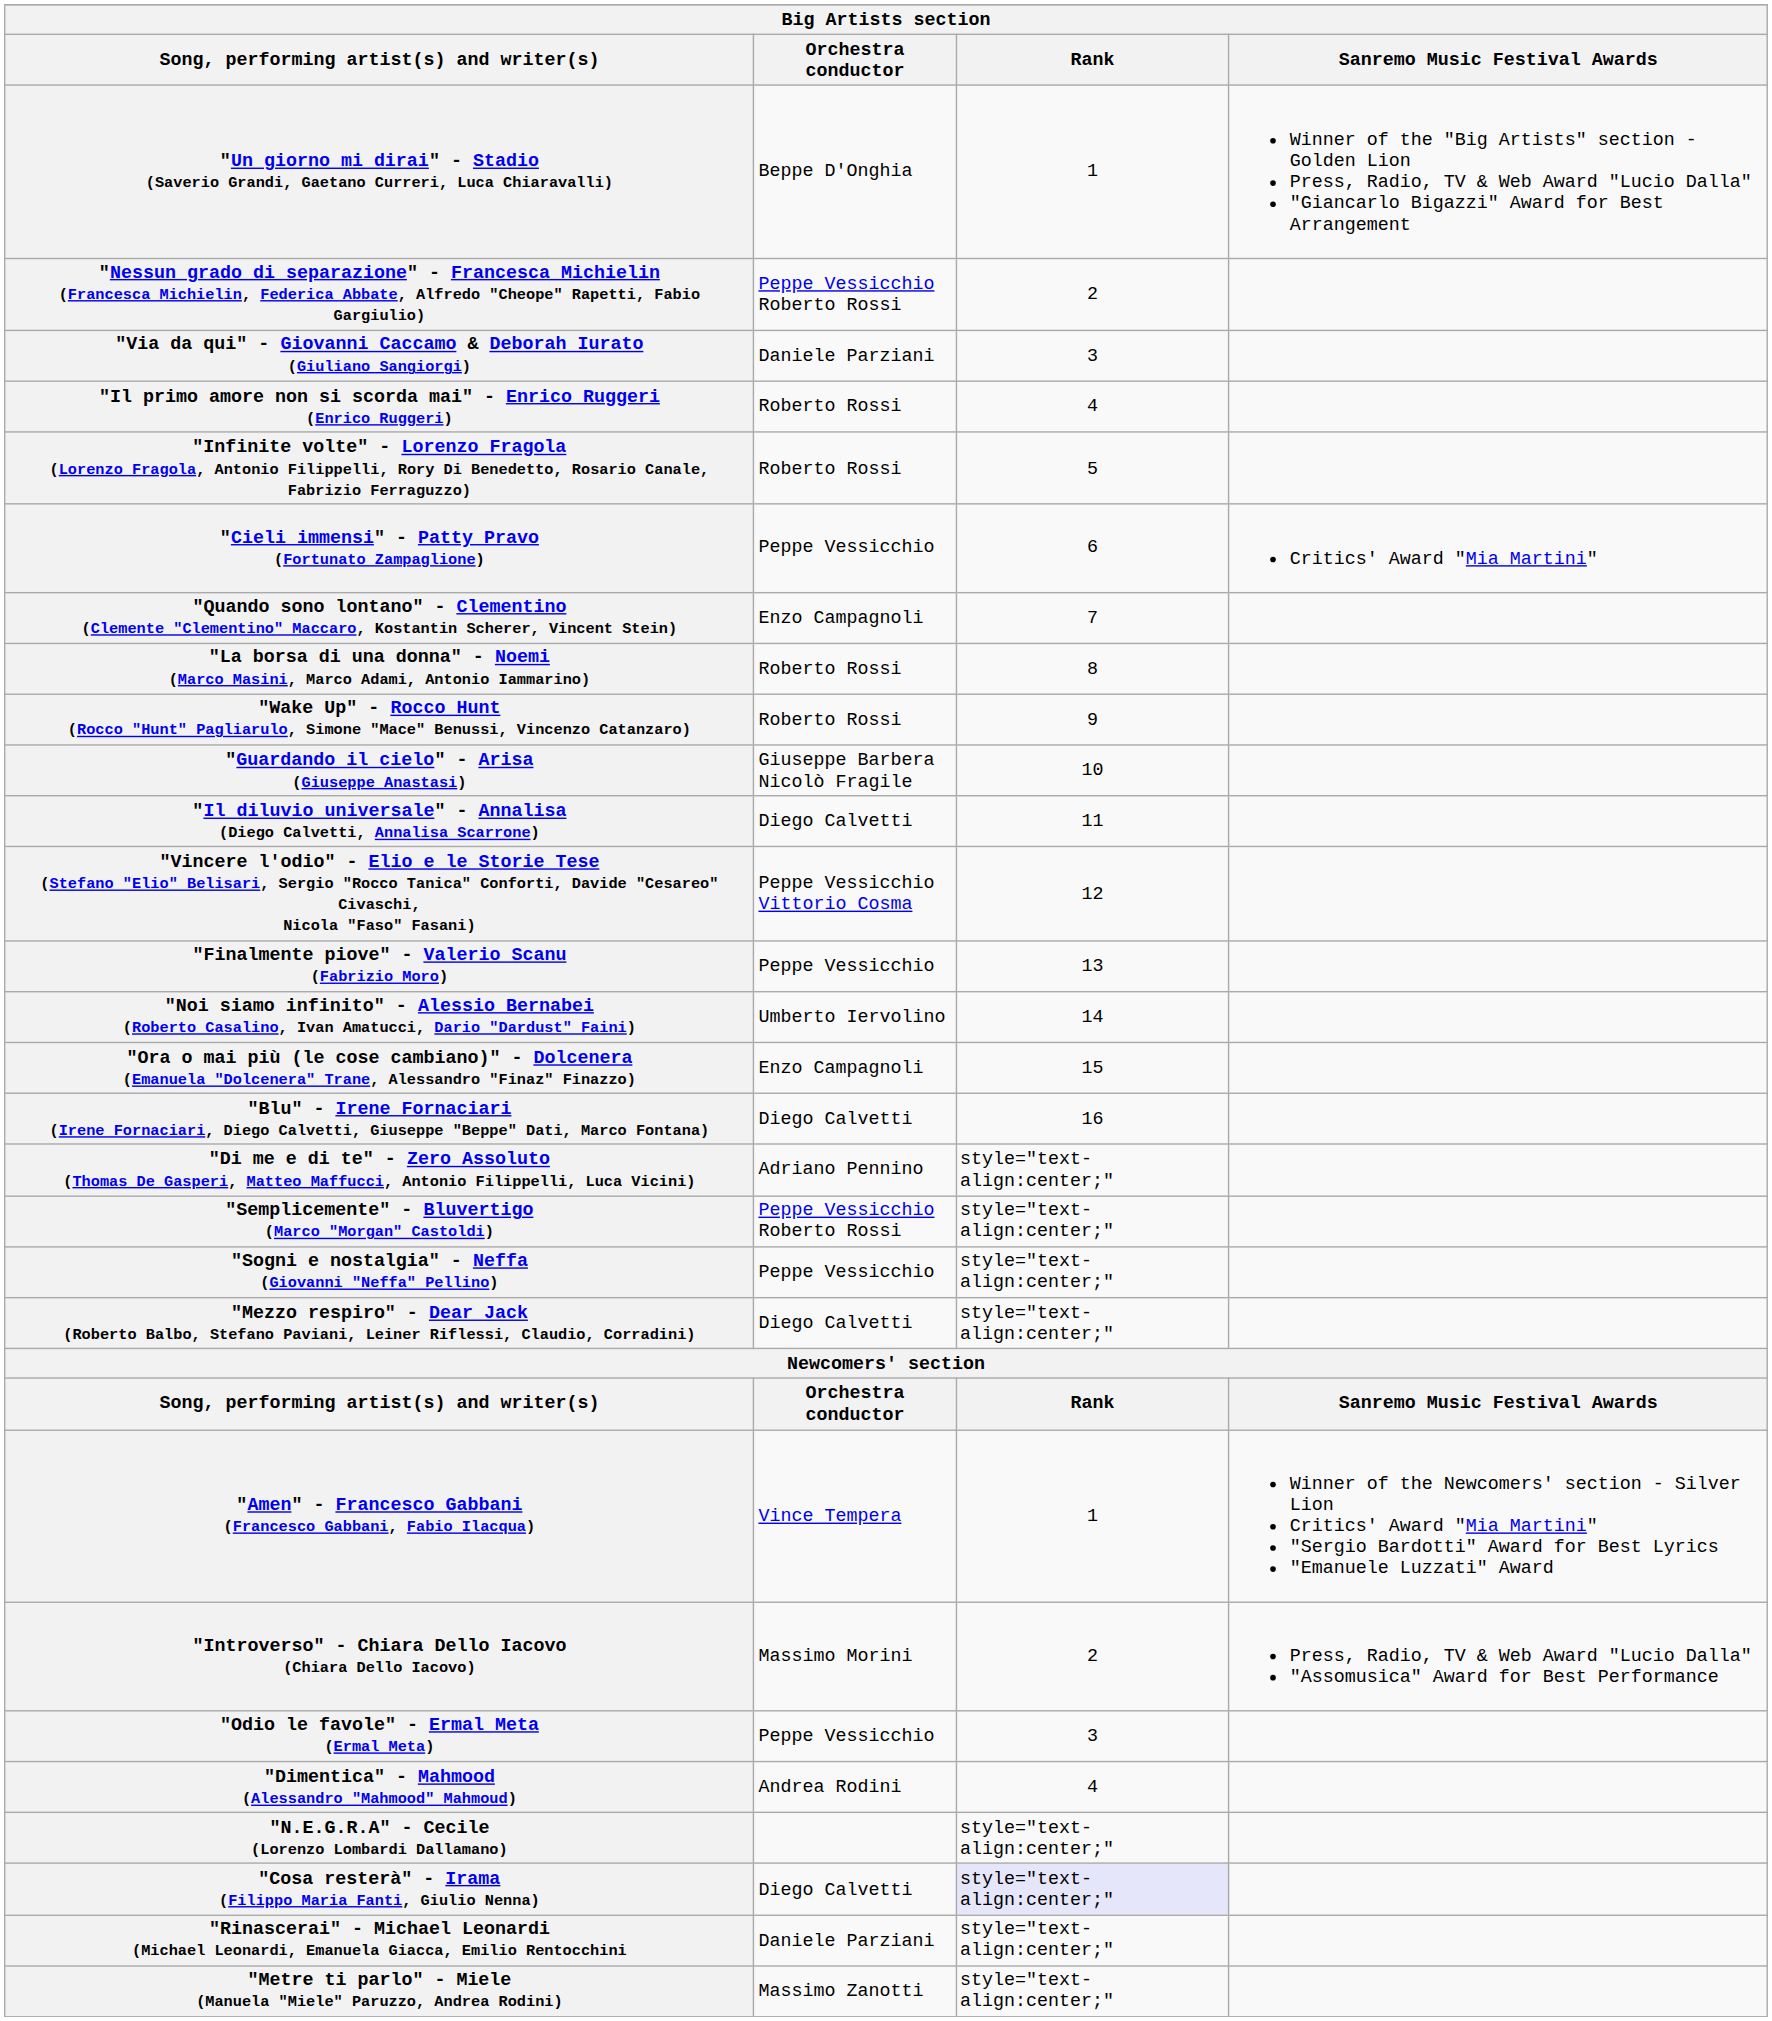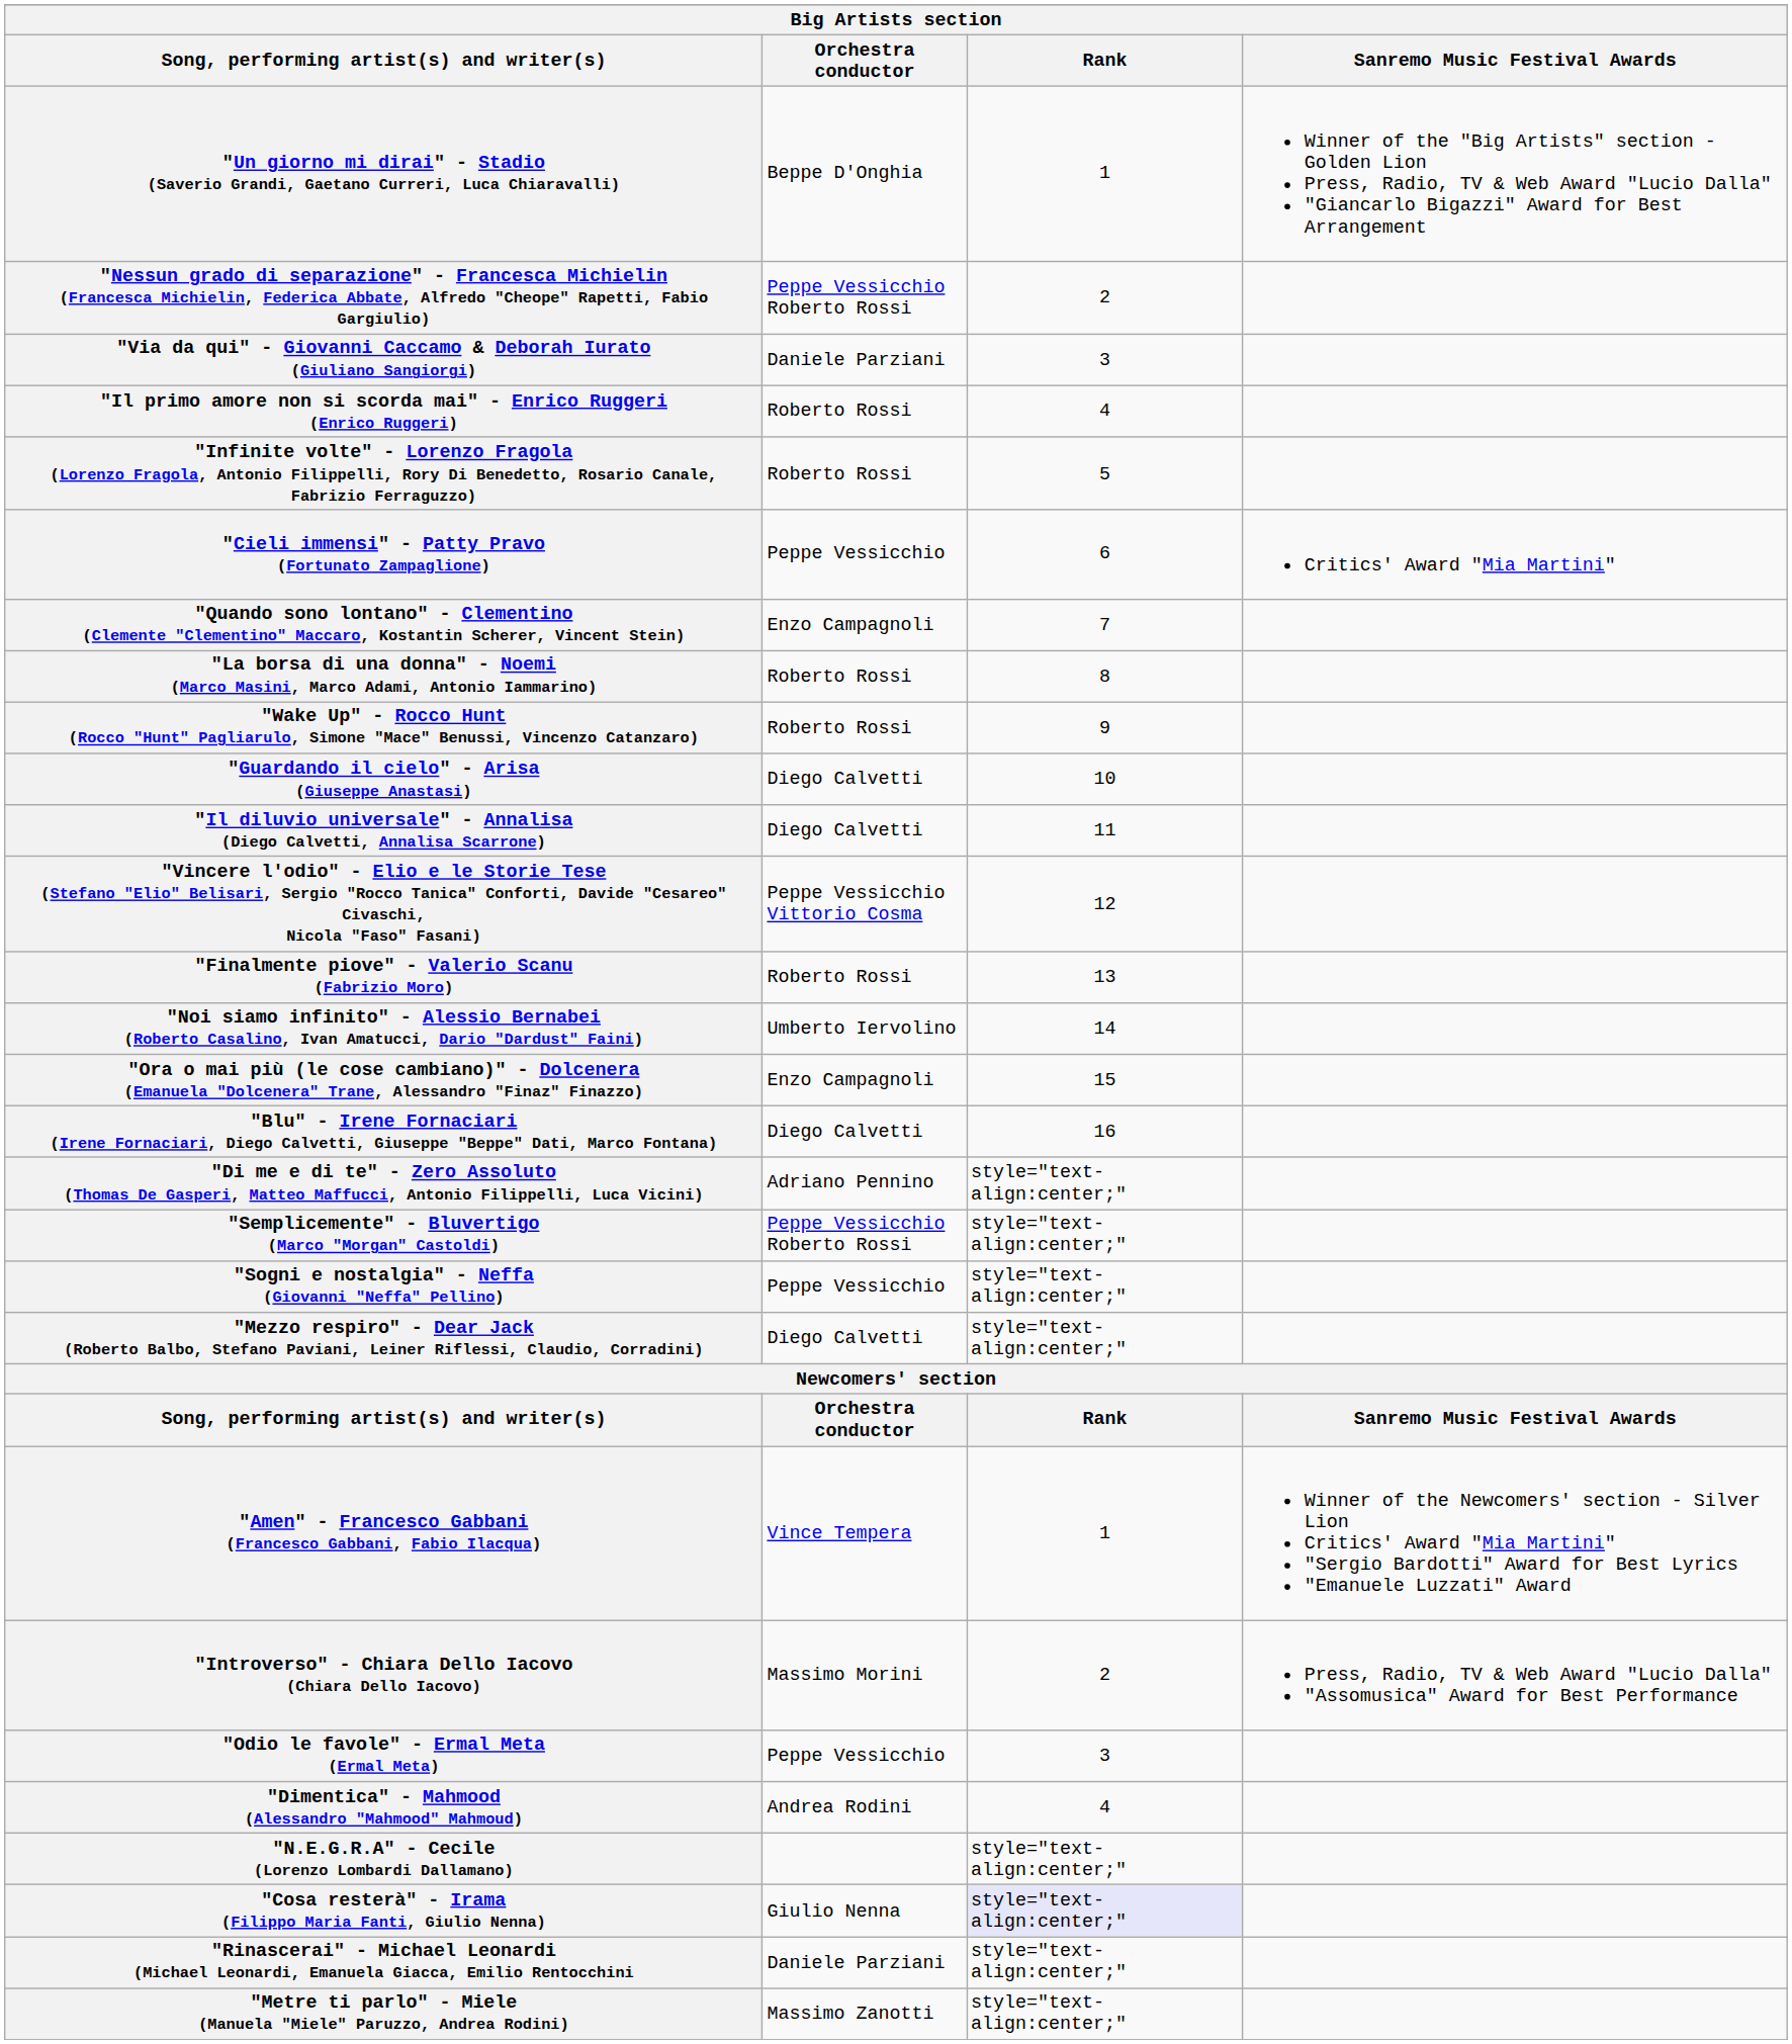 <table class="plainrowheaders wikitable">
 <tr>
 </tr>
 <tr>
 <th colspan="4">Big Artists section</th>
 </tr>
 <tr>
 <th>Song, performing artist(s) and writer(s)</th>
 <th>Orchestra conductor</th>
 <th>Rank</th>
 <th>Sanremo Music Festival Awards</th>
 </tr>
 <tr>
 <th scope="row">"<a href='#'>Un giorno mi dirai</a>" - <a href='#'>Stadio</a><br><small>(Saverio Grandi, Gaetano Curreri, Luca Chiaravalli)</small></th>
 <td>Beppe D'Onghia</td>
 <td style="text-align:center;">1</td>
 <td><br><ul><li>Winner of the "Big Artists" section - Golden Lion</li><li>Press, Radio, TV & Web Award "Lucio Dalla"</li><li>"Giancarlo Bigazzi" Award for Best Arrangement</li></ul></td>
 </tr>
 <tr>
 <th scope="row">"<a href='#'>Nessun grado di separazione</a>" - <a href='#'>Francesca Michielin</a><br><small>(<a href='#'>Francesca Michielin</a>, <a href='#'>Federica Abbate</a>,  Alfredo "Cheope" Rapetti, Fabio Gargiulio)</small></th>
 <td><a href='#'>Peppe Vessicchio</a><br>Roberto Rossi</td>
 <td style="text-align:center;">2</td>
 <td></td>
 </tr>
 <tr>
 <th scope="row">"Via da qui" - <a href='#'>Giovanni Caccamo</a> & <a href='#'>Deborah Iurato</a><br><small>(<a href='#'>Giuliano Sangiorgi</a>)</small></th>
 <td>Daniele Parziani</td>
 <td style="text-align:center;">3</td>
 <td></td>
 </tr>
 <tr>
 <th scope="row">"Il primo amore non si scorda mai" - <a href='#'>Enrico Ruggeri</a><br><small>(<a href='#'>Enrico Ruggeri</a>)</small></th>
 <td>Roberto Rossi</td>
 <td style="text-align:center;">4</td>
 <td></td>
 </tr>
 <tr>
 <th scope="row">"Infinite volte" - <a href='#'>Lorenzo Fragola</a><br><small>(<a href='#'>Lorenzo Fragola</a>, Antonio Filippelli, Rory Di Benedetto, Rosario Canale, Fabrizio Ferraguzzo)</small></th>
 <td>Roberto Rossi</td>
 <td style="text-align:center;">5</td>
 <td></td>
 </tr>
 <tr>
 <th scope="row">"<a href='#'>Cieli immensi</a>" - <a href='#'>Patty Pravo</a><br><small>(<a href='#'>Fortunato Zampaglione</a>)</small></th>
 <td>Peppe Vessicchio</td>
 <td style="text-align:center;">6</td>
 <td><br><ul><li>Critics' Award "<a href='#'>Mia Martini</a>"</li></ul></td>
 </tr>
 <tr>
 <th scope="row">"Quando sono lontano" - <a href='#'>Clementino</a><br><small>(<a href='#'>Clemente "Clementino" Maccaro</a>, Kostantin Scherer, Vincent Stein)</small></th>
 <td>Enzo Campagnoli</td>
 <td style="text-align:center;">7</td>
 <td></td>
 </tr>
 <tr>
 <th scope="row">"La borsa di una donna" - <a href='#'>Noemi</a><br><small>(<a href='#'>Marco Masini</a>, Marco Adami, Antonio Iammarino)</small></th>
 <td>Roberto Rossi</td>
 <td style="text-align:center;">8</td>
 <td></td>
 </tr>
 <tr>
 <th scope="row">"Wake Up" - <a href='#'>Rocco Hunt</a><br><small>(<a href='#'>Rocco "Hunt" Pagliarulo</a>, Simone "Mace" Benussi, Vincenzo Catanzaro)</small></th>
 <td>Roberto Rossi</td>
 <td style="text-align:center;">9</td>
 <td></td>
 </tr>
 <tr>
 <th scope="row">"<a href='#'>Guardando il cielo</a>" - <a href='#'>Arisa</a><br><small>(<a href='#'>Giuseppe Anastasi</a>)</small></th>
-<td>Giuseppe Barbera<br>Nicolò Fragile</td>
+<td>Diego Calvetti</td>
 <td style="text-align:center;">10</td>
 <td></td>
 </tr>
 <tr>
 <th scope="row">"<a href='#'>Il diluvio universale</a>" - <a href='#'>Annalisa</a><br><small>(Diego Calvetti, <a href='#'>Annalisa Scarrone</a>)</small></th>
 <td>Diego Calvetti</td>
 <td style="text-align:center;">11</td>
 <td></td>
 </tr>
 <tr>
 <th scope="row">"Vincere l'odio" - <a href='#'>Elio e le Storie Tese</a><br><small>(<a href='#'>Stefano "Elio" Belisari</a>, Sergio "Rocco Tanica" Conforti, Davide "Cesareo" Civaschi,<br> Nicola "Faso" Fasani)</small></th>
 <td>Peppe Vessicchio<br><a href='#'>Vittorio Cosma</a></td>
 <td style="text-align:center;">12</td>
 <td></td>
 </tr>
 <tr>
 <th scope="row">"Finalmente piove" - <a href='#'>Valerio Scanu</a><br><small>(<a href='#'>Fabrizio Moro</a>)</small></th>
-<td>Peppe Vessicchio</td>
+<td>Roberto Rossi</td>
 <td style="text-align:center;">13</td>
 <td></td>
 </tr>
 <tr>
 <th scope="row">"Noi siamo infinito" - <a href='#'>Alessio Bernabei</a><br><small>(<a href='#'>Roberto Casalino</a>, Ivan Amatucci, <a href='#'>Dario "Dardust" Faini</a>)</small></th>
 <td>Umberto Iervolino</td>
 <td style="text-align:center;">14</td>
 <td></td>
 </tr>
 <tr>
 <th scope="row">"Ora o mai più (le cose cambiano)" - <a href='#'>Dolcenera</a><br><small>(<a href='#'>Emanuela "Dolcenera" Trane</a>, Alessandro "Finaz" Finazzo)</small></th>
 <td>Enzo Campagnoli</td>
 <td style="text-align:center;">15</td>
 <td></td>
 </tr>
 <tr>
 <th scope="row">"Blu" - <a href='#'>Irene Fornaciari</a><br><small>(<a href='#'>Irene Fornaciari</a>, Diego Calvetti, Giuseppe "Beppe" Dati, Marco Fontana)</small></th>
 <td>Diego Calvetti</td>
 <td style="text-align:center;">16</td>
 <td></td>
 </tr>
 <tr>
 <th scope="row">"Di me e di te" - <a href='#'>Zero Assoluto</a><br><small>(<a href='#'>Thomas De Gasperi</a>, <a href='#'>Matteo Maffucci</a>, Antonio Filippelli, Luca Vicini)</small></th>
 <td>Adriano Pennino</td>
 <td>style="text-align:center;" </td>
 <td></td>
 </tr>
 <tr>
 <th scope="row">"Semplicemente" - <a href='#'>Bluvertigo</a><br><small>(<a href='#'>Marco "Morgan" Castoldi</a>)</small></th>
 <td><a href='#'>Peppe Vessicchio</a><br>Roberto Rossi</td>
 <td>style="text-align:center;" </td>
 <td></td>
 </tr>
 <tr>
 <th scope="row">"Sogni e nostalgia" - <a href='#'>Neffa</a><br><small>(<a href='#'>Giovanni "Neffa" Pellino</a>)</small></th>
 <td>Peppe Vessicchio</td>
 <td>style="text-align:center;" </td>
 <td></td>
 </tr>
 <tr>
 <th scope="row">"Mezzo respiro" - <a href='#'>Dear Jack</a><br><small>(Roberto Balbo, Stefano Paviani, Leiner Riflessi, Claudio, Corradini)</small></th>
 <td>Diego Calvetti</td>
 <td>style="text-align:center;" </td>
 <td></td>
 </tr>
 <tr>
 <th colspan="4">Newcomers' section</th>
 </tr>
 <tr>
 <th>Song, performing artist(s) and writer(s)</th>
 <th>Orchestra conductor</th>
 <th>Rank</th>
 <th>Sanremo Music Festival Awards</th>
 </tr>
 <tr>
 <th scope="row">"<a href='#'>Amen</a>" - <a href='#'>Francesco Gabbani</a><br><small>(<a href='#'>Francesco Gabbani</a>, <a href='#'>Fabio Ilacqua</a>)</small></th>
 <td><a href='#'>Vince Tempera</a></td>
 <td style="text-align:center;">1</td>
 <td><br><ul><li>Winner of the Newcomers' section - Silver Lion</li><li>Critics' Award "<a href='#'>Mia Martini</a>"</li><li>"Sergio Bardotti" Award for Best Lyrics</li><li>"Emanuele Luzzati" Award</li></ul></td>
 </tr>
 <tr>
 <th scope="row">"Introverso" - Chiara Dello Iacovo<br><small>(Chiara Dello Iacovo)</small></th>
 <td>Massimo Morini</td>
 <td style="text-align:center;">2</td>
 <td><br><ul><li>Press, Radio, TV & Web Award "Lucio Dalla"</li><li>"Assomusica" Award for Best Performance</li></ul></td>
 </tr>
 <tr>
 <th scope="row">"Odio le favole" - <a href='#'>Ermal Meta</a><br><small>(<a href='#'>Ermal Meta</a>)</small></th>
 <td>Peppe Vessicchio</td>
 <td style="text-align:center;">3</td>
 <td></td>
 </tr>
 <tr>
 <th scope="row">"Dimentica" - <a href='#'>Mahmood</a><br><small>(<a href='#'>Alessandro "Mahmood" Mahmoud</a>)</small></th>
 <td>Andrea Rodini</td>
 <td style="text-align:center;">4</td>
 <td></td>
 </tr>
 <tr>
 <th scope="row">"N.E.G.R.A" - Cecile<br><small>(Lorenzo Lombardi Dallamano)</small></th>
 <td></td>
 <td>style="text-align:center;" </td>
 <td></td>
 </tr>
 <tr>
 <th scope="row">"Cosa resterà" - <a href='#'>Irama</a><br><small>(<a href='#'>Filippo Maria Fanti</a>, Giulio Nenna)</small></th>
-<td>Diego Calvetti</td>
+<td>Giulio Nenna</td>
 <td style="background: lavender;">style="text-align:center;" </td>
 <td></td>
 </tr>
 <tr>
 <th scope="row">"Rinascerai" - Michael Leonardi<br><small>(Michael Leonardi, Emanuela Giacca, Emilio Rentocchini</small></th>
 <td>Daniele Parziani</td>
 <td>style="text-align:center;" </td>
 <td></td>
 </tr>
 <tr>
 <th scope="row">"Metre ti parlo" - Miele<br><small>(Manuela "Miele" Paruzzo, Andrea Rodini)</small></th>
 <td>Massimo Zanotti</td>
 <td>style="text-align:center;" </td>
 <td></td>
 </tr>
 </table>
